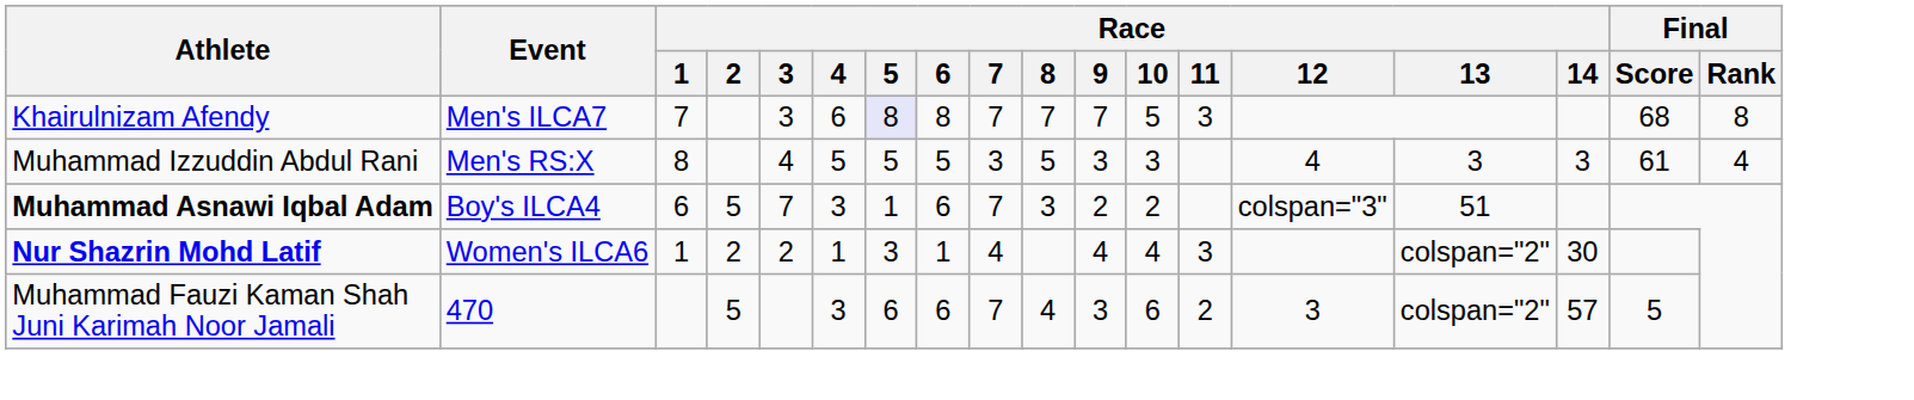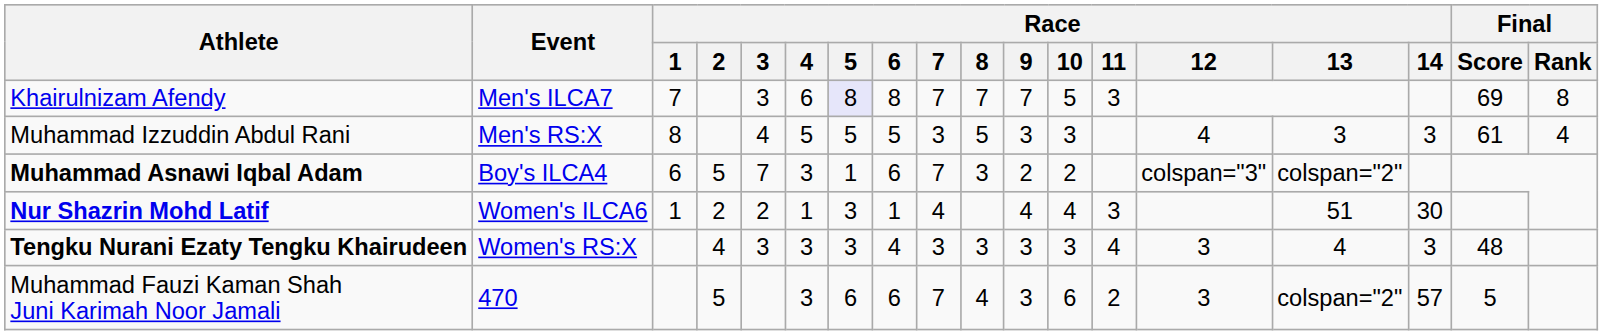 <table class="wikitable" style="font-size:90%;text-align:center">
 <tr>
 <th rowspan="2">Athlete</th>
 <th rowspan="2">Event</th>
 <th colspan="14">Race</th>
 <th colspan="2">Final</th>
 </tr>
 <tr>
 <th width="20">1</th>
 <th width="20">2</th>
 <th width="20">3</th>
 <th width="20">4</th>
 <th width="20">5</th>
 <th width="20">6</th>
 <th width="20">7</th>
 <th width="20">8</th>
 <th width="20">9</th>
 <th width="20">10</th>
 <th width="20">11</th>
 <th width="20">12</th>
 <th width="20">13</th>
 <th width="20">14</th>
 <th>Score</th>
 <th>Rank</th>
 </tr>
 <tr>
 <td align="left"><a href='#'>Khairulnizam Afendy</a></td>
 <td align="left"><a href='#'>Men's ILCA7</a></td>
 <td>7</td>
 <td></td>
 <td>3</td>
 <td>6</td>
 <td style="background: lavender;">8</td>
 <td>8</td>
 <td>7</td>
 <td>7</td>
 <td>7</td>
 <td>5</td>
 <td>3</td>
 <td colspan="2"></td>
 <td></td>
-<td>68</td>
+<td>69</td>
 <td>8</td>
 </tr>
 <tr>
 <td align="left">Muhammad Izzuddin Abdul Rani</td>
 <td align="left"><a href='#'>Men's RS:X</a></td>
 <td>8</td>
 <td></td>
 <td>4</td>
 <td>5</td>
 <td>5</td>
 <td>5</td>
 <td>3</td>
 <td>5</td>
 <td>3</td>
 <td>3</td>
 <td></td>
 <td>4</td>
 <td>3</td>
 <td>3</td>
 <td>61</td>
 <td>4</td>
 </tr>
 <tr>
 <td align="left"><strong>Muhammad Asnawi Iqbal Adam</strong></td>
 <td align="left"><a href='#'>Boy's ILCA4</a></td>
 <td>6</td>
 <td>5</td>
 <td>7</td>
 <td>3</td>
 <td>1</td>
 <td>6</td>
 <td>7</td>
 <td>3</td>
 <td>2</td>
 <td>2</td>
 <td></td>
 <td>colspan="3" </td>
-<td>51</td>
+<td>colspan="2" </td>
 <td></td>
 </tr>
 <tr>
 <td align="left"><strong><a href='#'>Nur Shazrin Mohd Latif</a></strong></td>
 <td align="left"><a href='#'>Women's ILCA6</a></td>
 <td>1</td>
 <td>2</td>
 <td>2</td>
 <td>1</td>
 <td>3</td>
 <td>1</td>
 <td>4</td>
 <td></td>
 <td>4</td>
 <td>4</td>
 <td>3</td>
 <td></td>
-<td>colspan="2" </td>
+<td>51</td>
 <td>30</td>
+<td></td>
+</tr>
+<tr>
+<td align="left"><strong>Tengku Nurani Ezaty Tengku Khairudeen</strong></td>
+<td align="left"><a href='#'>Women's RS:X</a></td>
+<td></td>
+<td>4</td>
+<td>3</td>
+<td>3</td>
+<td>3</td>
+<td>4</td>
+<td>3</td>
+<td>3</td>
+<td>3</td>
+<td>3</td>
+<td>4</td>
+<td>3</td>
+<td>4</td>
+<td>3</td>
+<td>48</td>
 <td></td>
 </tr>
 <tr>
 <td align="left">Muhammad Fauzi Kaman Shah<br><a href='#'>Juni Karimah Noor Jamali</a></td>
 <td align="left"><a href='#'>470</a></td>
 <td></td>
 <td>5</td>
 <td></td>
 <td>3</td>
 <td>6</td>
 <td>6</td>
 <td>7</td>
 <td>4</td>
 <td>3</td>
 <td>6</td>
 <td>2</td>
 <td>3</td>
 <td>colspan="2" </td>
 <td>57</td>
 <td>5</td>
 </tr>
 </table>
